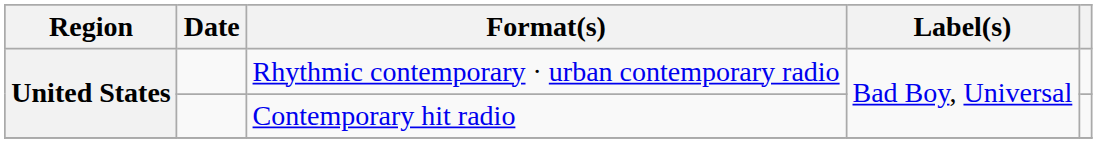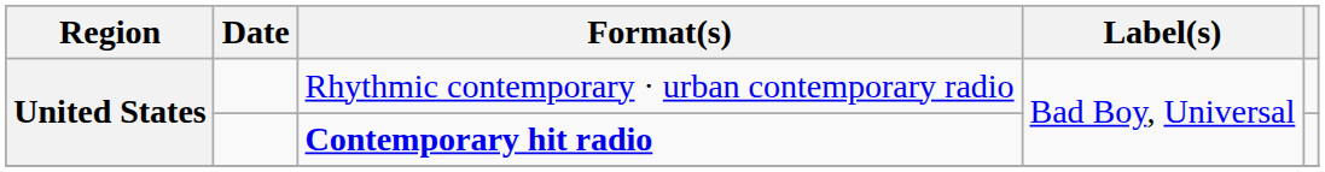 <table class="wikitable plainrowheaders" style="text-align:left">
 <tr>
 <th scope="col">Region</th>
 <th scope="col">Date</th>
 <th scope="col">Format(s)</th>
 <th scope="col">Label(s)</th>
 <th scope="col"></th>
 </tr>
 <tr>
 <th scope="row" rowspan="2">United States</th>
 <td></td>
 <td><a href='#'>Rhythmic contemporary</a> · <a href='#'>urban contemporary radio</a></td>
 <td rowspan="2"><a href='#'>Bad Boy</a>, <a href='#'>Universal</a></td>
 <td></td>
 </tr>
 <tr>
 <td></td>
-<td><a href='#'>Contemporary hit radio</a></td>
+<td><strong><a href='#'>Contemporary hit radio</a></strong></td>
 <td></td>
 </tr>
 <tr>
 </tr>
 </table>
